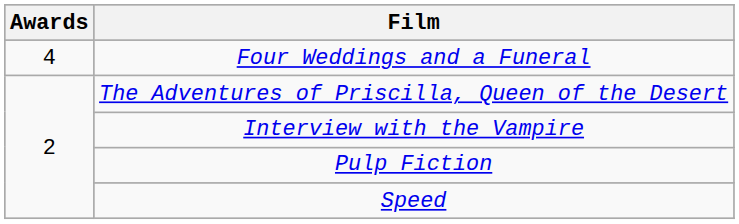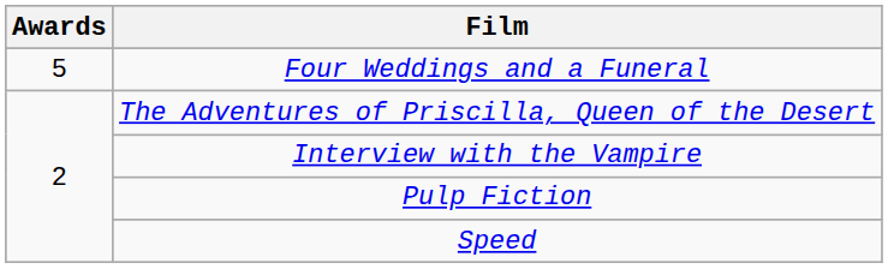 <table class="wikitable" style="text-align:center;">
 <tr>
 <th style="background:">Awards</th>
 <th style="background:">Film</th>
 </tr>
 <tr>
-<td>4</td>
+<td>5</td>
 <td><em><a href='#'>Four Weddings and a Funeral</a></em></td>
 </tr>
 <tr>
 <td rowspan="4">2</td>
 <td><em><a href='#'>The Adventures of Priscilla, Queen of the Desert</a></em></td>
 </tr>
 <tr>
 <td><em><a href='#'>Interview with the Vampire</a></em></td>
 </tr>
 <tr>
 <td><em><a href='#'>Pulp Fiction</a></em></td>
 </tr>
 <tr>
 <td><em><a href='#'>Speed</a></em></td>
 </tr>
 </table>
